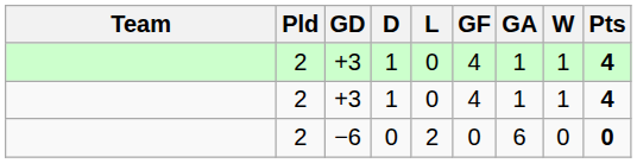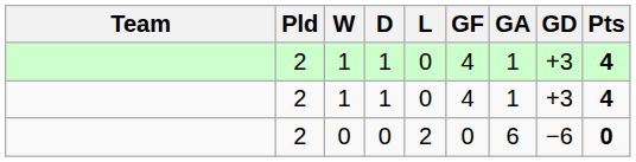 <table class="wikitable" style="text-align: center;">
 <tr>
 <th width="175">Team</th>
 <th width="20">Pld</th>
-<th width="20">GD</th>
+<th width="20">W</th>
 <th width="20">D</th>
 <th width="20">L</th>
 <th width="20">GF</th>
 <th width="20">GA</th>
-<th width="20">W</th>
+<th width="20">GD</th>
 <th width="20">Pts</th>
 </tr>
 <tr bgcolor=ccffcc>
 <td align=left></td>
 <td>2</td>
-<td>+3</td>
+<td>1</td>
 <td>1</td>
 <td>0</td>
 <td>4</td>
 <td>1</td>
-<td>1</td>
+<td>+3</td>
 <td><strong>4</strong></td>
 </tr>
 <tr>
 <td align=left></td>
 <td>2</td>
-<td>+3</td>
+<td>1</td>
 <td>1</td>
 <td>0</td>
 <td>4</td>
 <td>1</td>
-<td>1</td>
+<td>+3</td>
 <td><strong>4</strong></td>
 </tr>
 <tr>
 <td align=left></td>
 <td>2</td>
-<td>−6</td>
+<td>0</td>
 <td>0</td>
 <td>2</td>
 <td>0</td>
 <td>6</td>
-<td>0</td>
+<td>−6</td>
 <td><strong>0</strong></td>
 </tr>
 </table>
